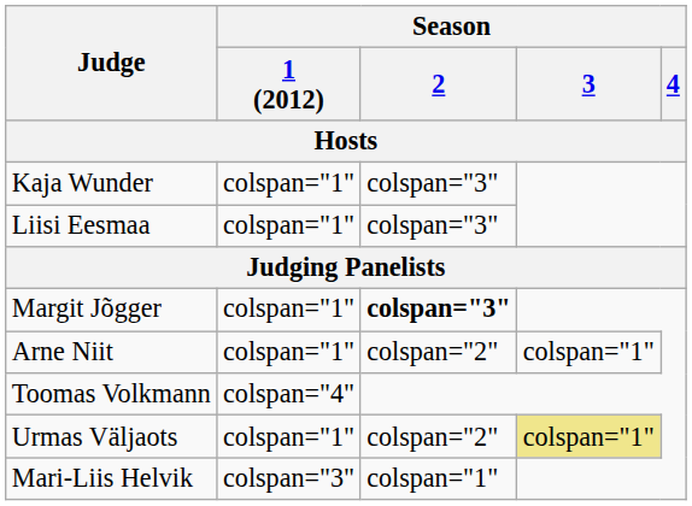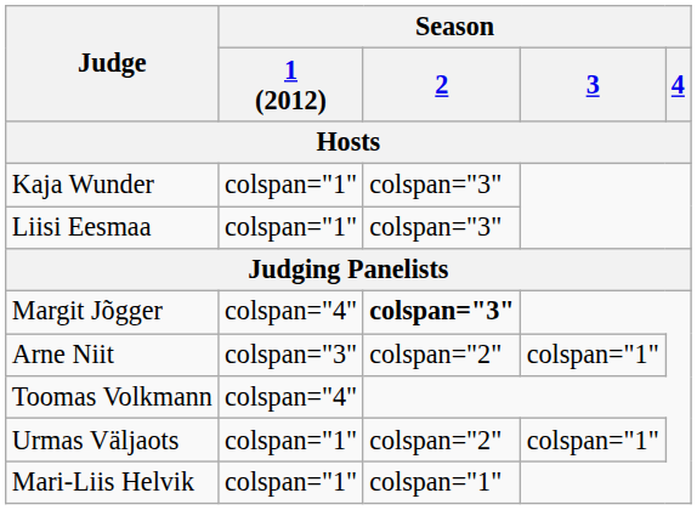 <table class="wikitable">
 <tr>
 <th rowspan="2">Judge</th>
 <th colspan="4">Season</th>
 </tr>
 <tr>
 <th><a href='#'>1</a><br> (2012)</th>
 <th><a href='#'>2</a><br> </th>
 <th><a href='#'>3</a><br> </th>
 <th><a href='#'>4</a><br> </th>
 </tr>
 <tr>
 <th scope="col" colspan="5">Hosts</th>
 </tr>
 <tr>
 <td scope="row">Kaja Wunder</td>
 <td>colspan="1" </td>
 <td>colspan="3" </td>
 </tr>
 <tr>
 <td scope="row">Liisi Eesmaa</td>
 <td>colspan="1" </td>
 <td>colspan="3" </td>
 </tr>
 <tr>
 <th scope="col" colspan="5">Judging Panelists</th>
 </tr>
 <tr>
 <td scope="row">Margit Jõgger</td>
-<td>colspan="1" </td>
+<td>colspan="4" </td>
 <td><strong>colspan="3" </strong></td>
 </tr>
 <tr>
 <td scope="row">Arne Niit</td>
-<td>colspan="1" </td>
+<td>colspan="3" </td>
 <td>colspan="2" </td>
 <td>colspan="1" </td>
 </tr>
 <tr>
 <td scope="row">Toomas Volkmann</td>
 <td>colspan="4" </td>
 </tr>
 <tr>
 <td scope="row">Urmas Väljaots</td>
 <td>colspan="1" </td>
 <td>colspan="2" </td>
-<td style="background: khaki;">colspan="1" </td>
+<td>colspan="1" </td>
 </tr>
 <tr>
 <td scope="row">Mari-Liis Helvik</td>
-<td>colspan="3" </td>
+<td>colspan="1" </td>
 <td>colspan="1" </td>
 </tr>
 </table>
